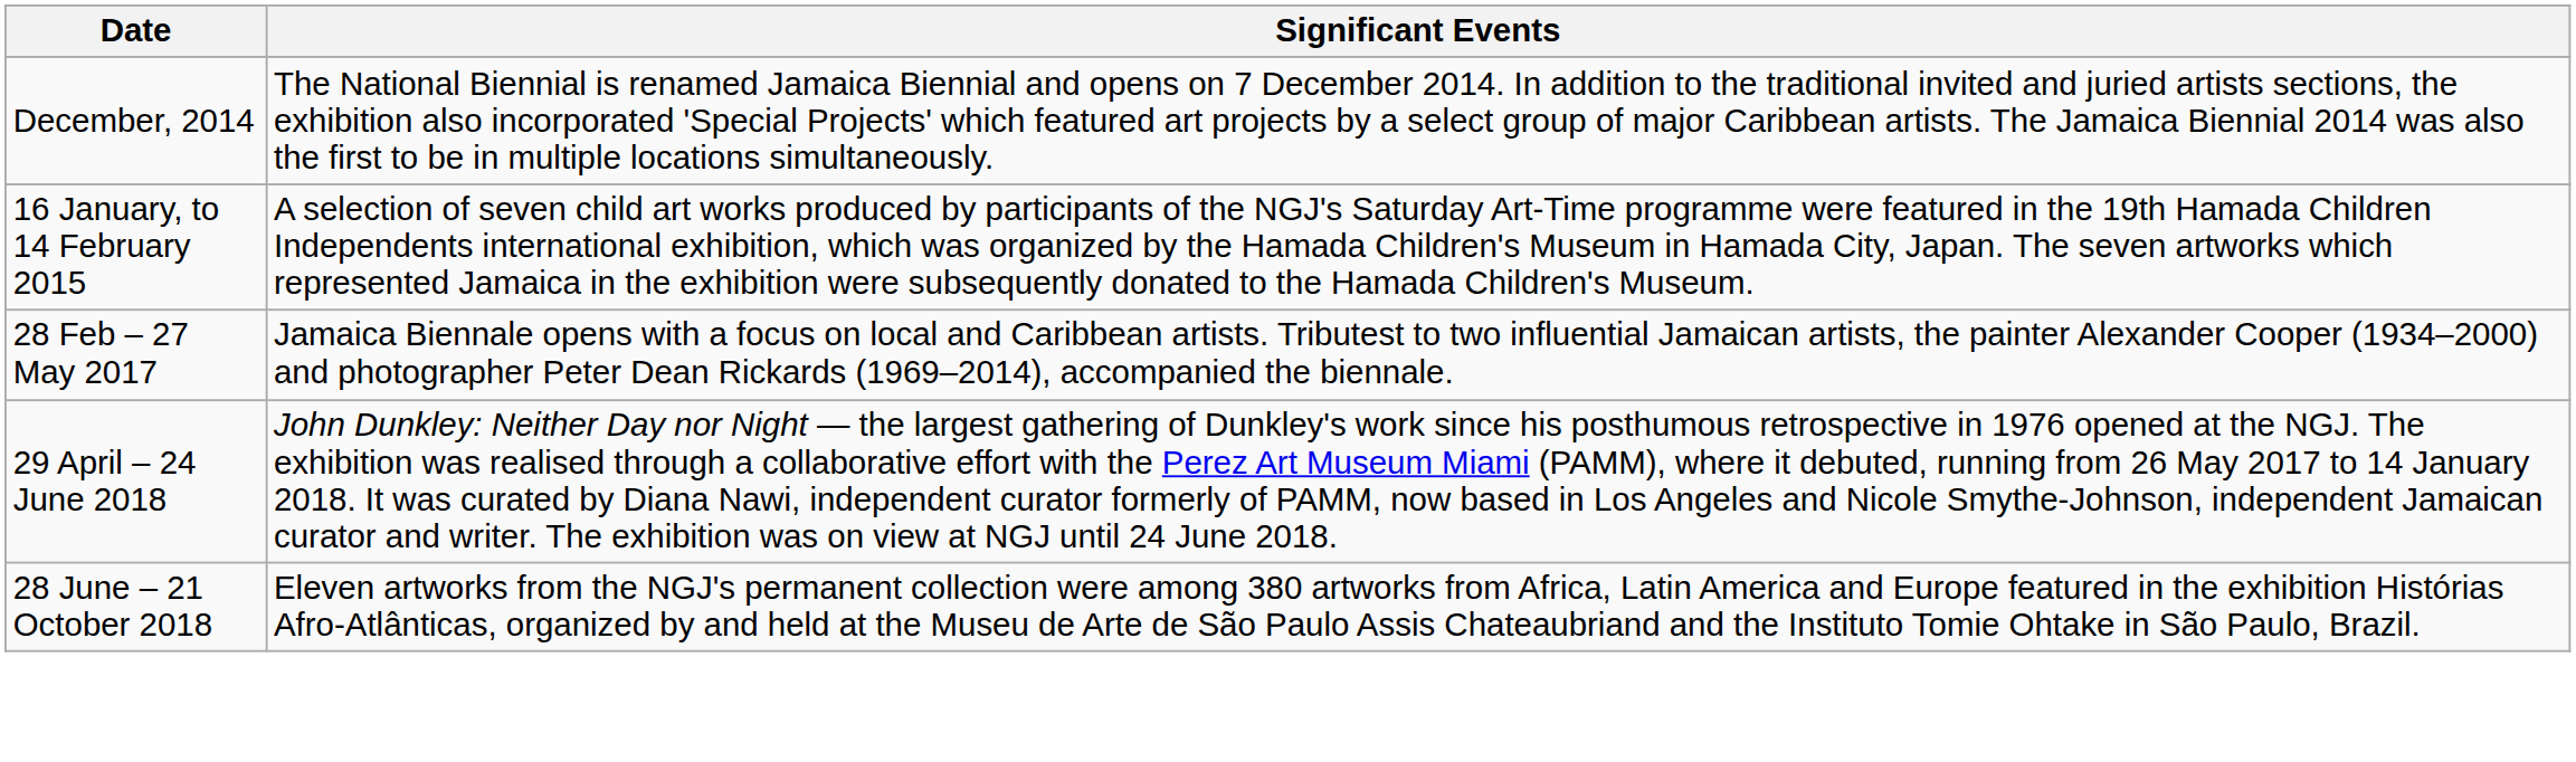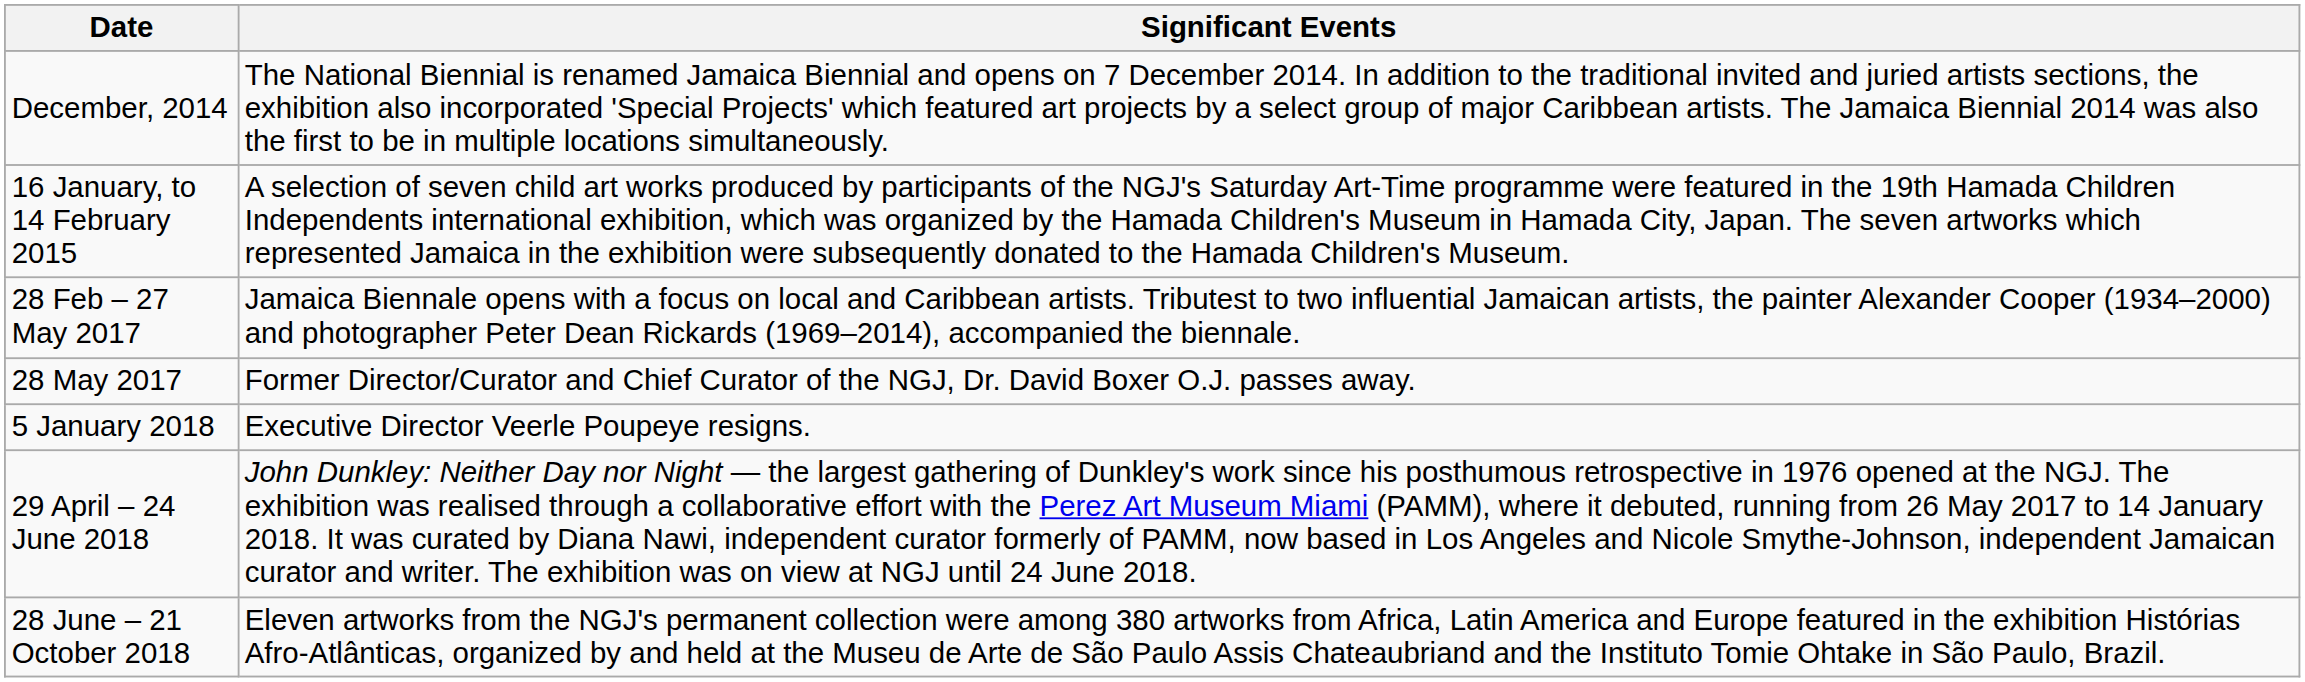 <table class="wikitable">
 <tr>
 <th>Date</th>
 <th>Significant Events</th>
 </tr>
 <tr>
 <td>December, 2014</td>
 <td>The National Biennial is renamed Jamaica Biennial and opens on 7 December 2014. In addition to the traditional invited and juried artists sections, the exhibition also incorporated 'Special Projects' which featured art projects by a select group of major Caribbean artists. The Jamaica Biennial 2014 was also the first to be in multiple locations simultaneously.</td>
 </tr>
 <tr>
 <td>16 January, to 14 February 2015</td>
 <td>A selection of seven child art works produced by participants of the NGJ's Saturday Art-Time programme were featured in the 19th Hamada Children Independents international exhibition, which was organized by the Hamada Children's Museum in Hamada City, Japan. The seven artworks which represented Jamaica in the exhibition were subsequently donated to the Hamada Children's Museum.</td>
 </tr>
 <tr>
 <td>28 Feb – 27 May 2017</td>
 <td>Jamaica Biennale opens with a focus on local and Caribbean artists. Tributest to two influential Jamaican artists, the painter Alexander Cooper (1934–2000) and photographer Peter Dean Rickards (1969–2014), accompanied the biennale.</td>
 </tr>
 <tr>
+<td>28 May 2017</td>
+<td>Former Director/Curator and Chief Curator of the NGJ, Dr. David Boxer O.J. passes away.</td>
+</tr>
+<tr>
+<td>5 January 2018</td>
+<td>Executive Director Veerle Poupeye resigns.</td>
+</tr>
+<tr>
 <td>29 April – 24 June 2018</td>
 <td><em>John Dunkley: Neither Day nor Night</em> — the largest gathering of Dunkley's work since his posthumous retrospective in 1976 opened at the NGJ. The exhibition was realised through a collaborative effort with the <a href='#'>Perez Art Museum Miami</a> (PAMM), where it debuted, running from 26 May 2017 to 14 January 2018. It was curated by Diana Nawi, independent curator formerly of PAMM, now based in Los Angeles and Nicole Smythe-Johnson, independent Jamaican curator and writer. The exhibition was on view at NGJ until 24 June 2018.</td>
 </tr>
 <tr>
 <td>28 June – 21 October 2018</td>
 <td>Eleven artworks from the NGJ's permanent collection were among 380 artworks from Africa, Latin America and Europe featured in the exhibition Histórias Afro-Atlânticas, organized by and held at the Museu de Arte de São Paulo Assis Chateaubriand and the Instituto Tomie Ohtake in São Paulo, Brazil.</td>
 </tr>
 </table>
